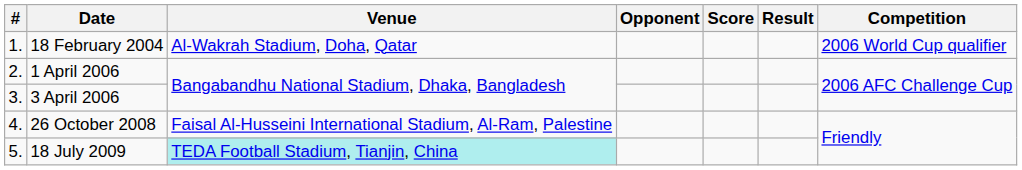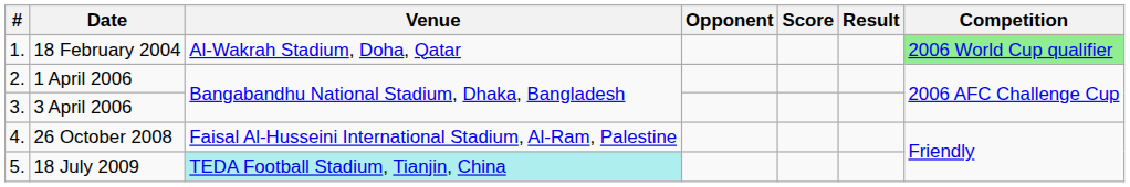 <table class="wikitable" style="font-size:90%">
 <tr>
 <th>#</th>
 <th>Date</th>
 <th>Venue</th>
 <th>Opponent</th>
 <th>Score</th>
 <th>Result</th>
 <th>Competition</th>
 </tr>
 <tr>
 <td>1.</td>
 <td>18 February 2004</td>
 <td><a href='#'>Al-Wakrah Stadium</a>, <a href='#'>Doha</a>, <a href='#'>Qatar</a></td>
 <td></td>
 <td></td>
 <td></td>
-<td><a href='#'>2006 World Cup qualifier</a></td>
+<td style="background: lightgreen;"><a href='#'>2006 World Cup qualifier</a></td>
 </tr>
 <tr>
 <td>2.</td>
 <td>1 April 2006</td>
 <td rowspan=2><a href='#'>Bangabandhu National Stadium</a>, <a href='#'>Dhaka</a>, <a href='#'>Bangladesh</a></td>
 <td></td>
 <td></td>
 <td></td>
 <td rowspan=2><a href='#'>2006 AFC Challenge Cup</a></td>
 </tr>
 <tr>
 <td>3.</td>
 <td>3 April 2006</td>
 <td></td>
 <td></td>
 <td></td>
 </tr>
 <tr>
 <td>4.</td>
 <td>26 October 2008</td>
 <td><a href='#'>Faisal Al-Husseini International Stadium</a>, <a href='#'>Al-Ram</a>, <a href='#'>Palestine</a></td>
 <td></td>
 <td></td>
 <td></td>
 <td rowspan=2><a href='#'>Friendly</a></td>
 </tr>
 <tr>
 <td>5.</td>
 <td>18 July 2009</td>
 <td style="background: paleturquoise;"><a href='#'>TEDA Football Stadium</a>, <a href='#'>Tianjin</a>, <a href='#'>China</a></td>
 <td></td>
 <td></td>
 <td></td>
 </tr>
 </table>
